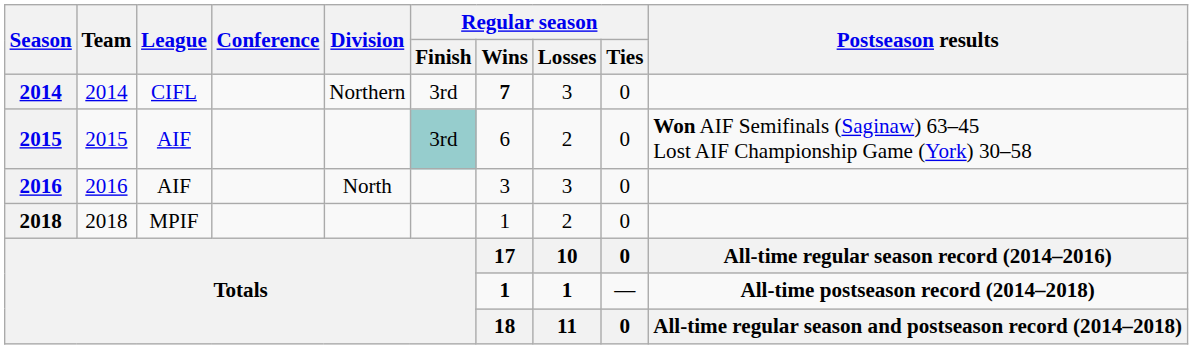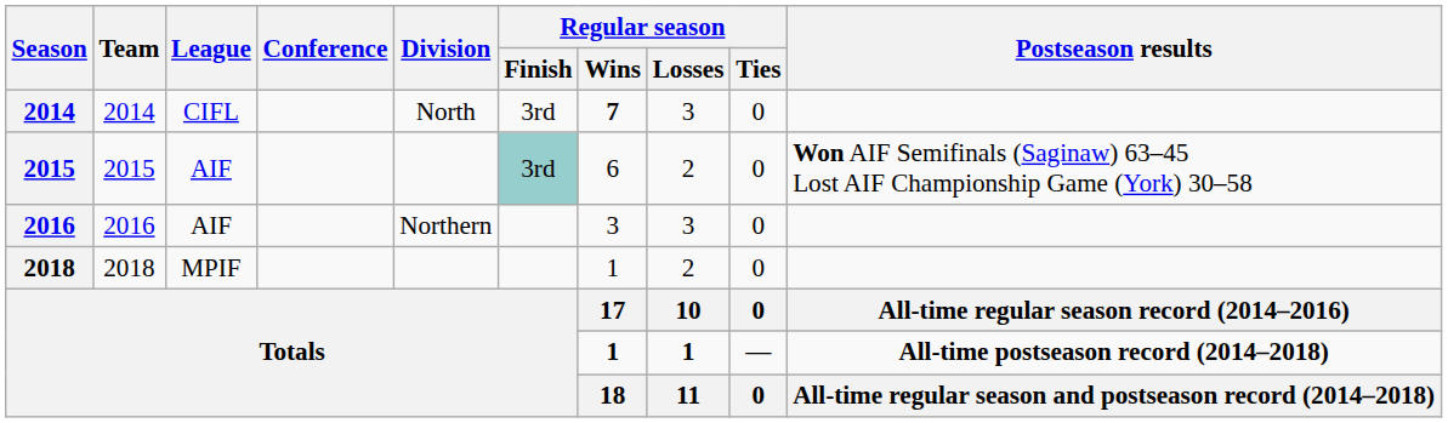 <table class="wikitable" style="text-align:center; font-size: 95%;">
 <tr>
 <th rowspan="2"><a href='#'>Season</a></th>
 <th rowspan="2">Team</th>
 <th rowspan="2"><a href='#'>League</a></th>
 <th rowspan="2"><a href='#'>Conference</a></th>
 <th rowspan="2"><a href='#'>Division</a></th>
 <th colspan="4"><a href='#'>Regular season</a></th>
 <th rowspan="2"><a href='#'>Postseason</a> results</th>
 </tr>
 <tr>
 <th>Finish</th>
 <th>Wins</th>
 <th>Losses</th>
 <th>Ties</th>
 </tr>
 <tr>
 <th><a href='#'>2014</a></th>
 <td><a href='#'>2014</a></td>
 <td><a href='#'>CIFL</a></td>
 <td></td>
-<td>Northern</td>
+<td>North</td>
 <td>3rd</td>
 <td><strong>7</strong></td>
 <td>3</td>
 <td>0</td>
 <td align=left></td>
 </tr>
 <tr>
 <th><a href='#'>2015</a></th>
 <td><a href='#'>2015</a></td>
 <td><a href='#'>AIF</a></td>
 <td></td>
 <td></td>
 <td bgcolor=#96cdcd>3rd</td>
 <td>6</td>
 <td>2</td>
 <td>0</td>
 <td align=left><strong>Won</strong> AIF Semifinals (<a href='#'>Saginaw</a>) 63–45<br>Lost AIF Championship Game (<a href='#'>York</a>) 30–58</td>
 </tr>
 <tr>
 <th><a href='#'>2016</a></th>
 <td><a href='#'>2016</a></td>
 <td>AIF</td>
 <td></td>
-<td>North</td>
+<td>Northern</td>
 <td></td>
 <td>3</td>
 <td>3</td>
 <td>0</td>
 <td align=left></td>
 </tr>
 <tr>
 <th>2018</th>
 <td>2018</td>
 <td>MPIF</td>
 <td></td>
 <td></td>
 <td></td>
 <td>1</td>
 <td>2</td>
 <td>0</td>
 <td align=left></td>
 </tr>
 <tr>
 <th rowspan="3" colspan="6">Totals</th>
 <th>17</th>
 <th>10</th>
 <th>0</th>
 <th colspan="3">All-time regular season record (2014–2016)</th>
 </tr>
 <tr>
 <td><strong>1</strong></td>
 <td><strong>1</strong></td>
 <td>—</td>
 <td colspan="3"><strong>All-time postseason record (2014–2018)</strong></td>
 </tr>
 <tr>
 <th>18</th>
 <th>11</th>
 <th>0</th>
 <th colspan="3">All-time regular season and postseason record (2014–2018)</th>
 </tr>
 </table>
